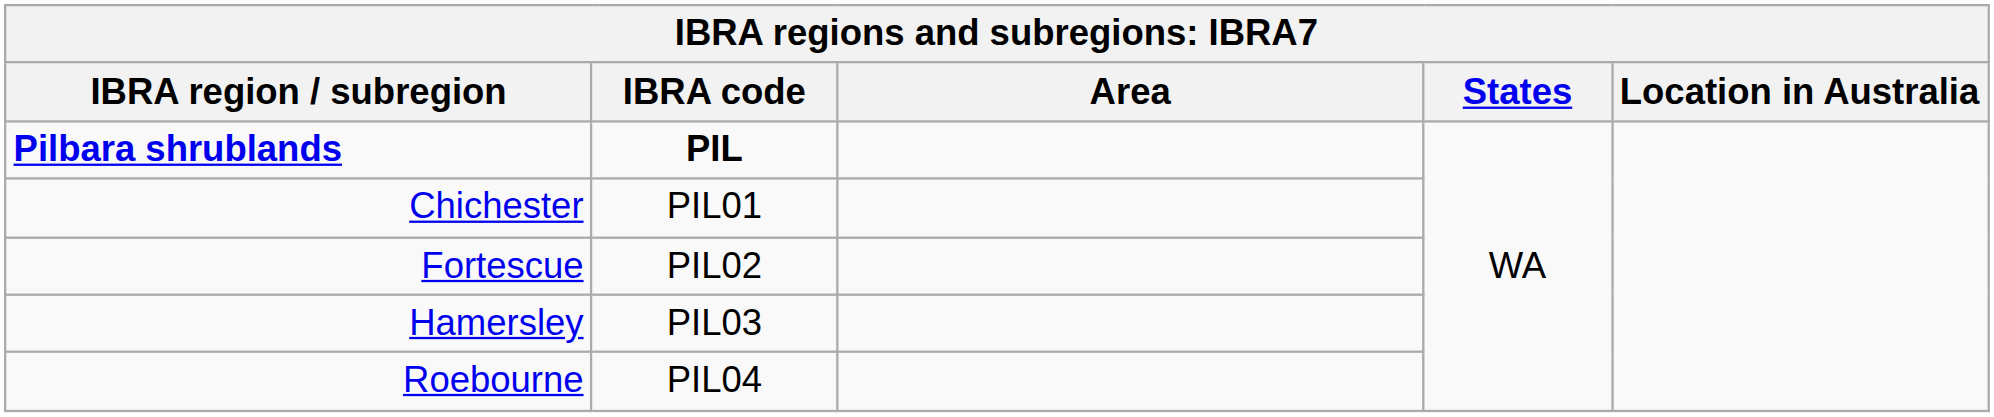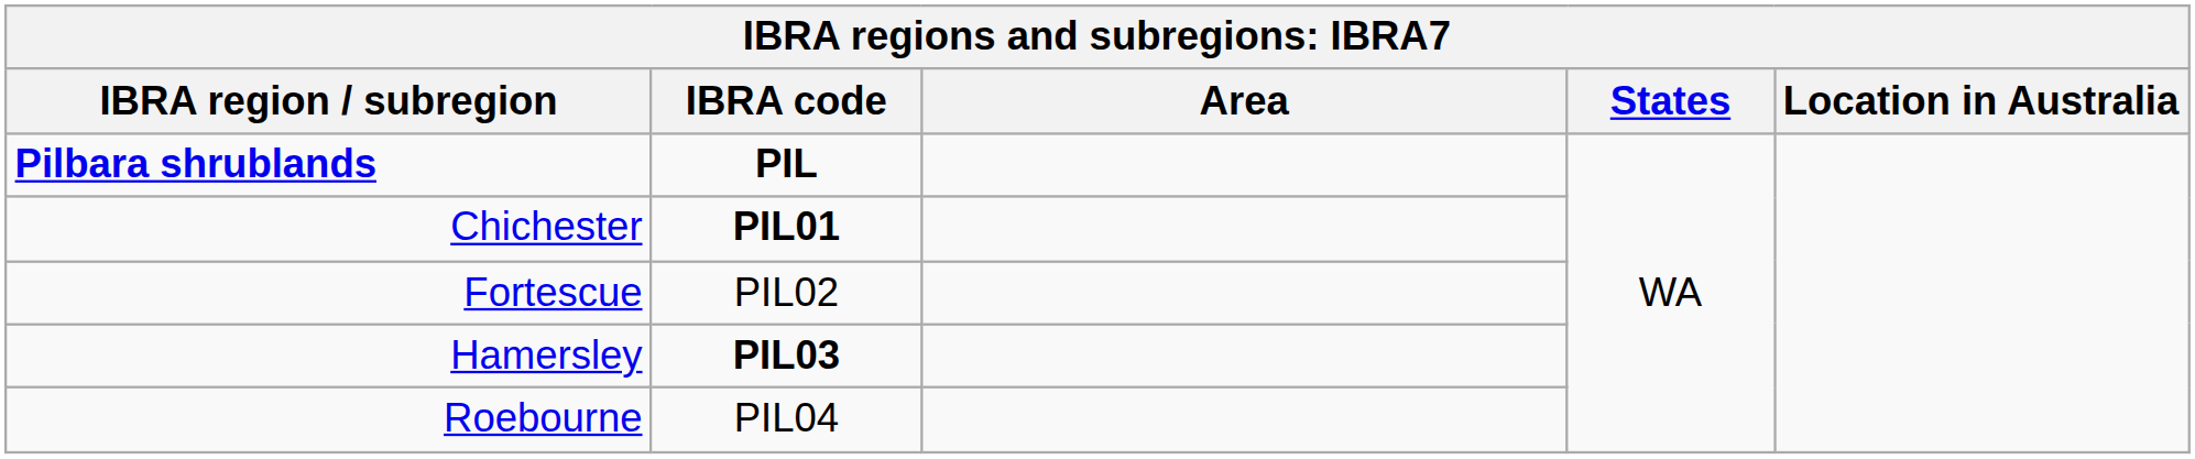 <table class="wikitable sortable">
 <tr>
 <th rowwidth=100px colspan=5>IBRA regions and subregions: IBRA7</th>
 </tr>
 <tr>
 <th scope="col" width="250px">IBRA region / subregion</th>
 <th scope="col" width="100px">IBRA code</th>
 <th scope="col" width="250px">Area</th>
 <th scope="col" width="75px"><a href='#'>States</a></th>
 <th>Location in Australia</th>
 </tr>
 <tr>
 <td><strong><a href='#'>Pilbara shrublands</a></strong></td>
 <td align="center"><strong>PIL</strong></td>
 <td align="right"><strong></strong></td>
 <td align="center" rowspan=5>WA</td>
 <td align="center" rowspan=5 colspan=3></td>
 </tr>
 <tr>
 <td align="right"><a href='#'>Chichester</a></td>
-<td align="center">PIL01</td>
+<td align="center"><strong>PIL01</strong></td>
 <td align="right"></td>
 </tr>
 <tr>
 <td align="right"><a href='#'>Fortescue</a></td>
 <td align="center">PIL02</td>
 <td align="right"></td>
 </tr>
 <tr>
 <td align="right"><a href='#'>Hamersley</a></td>
-<td align="center">PIL03</td>
+<td align="center"><strong>PIL03</strong></td>
 <td align="right"></td>
 </tr>
 <tr>
 <td align="right"><a href='#'>Roebourne</a></td>
 <td align="center">PIL04</td>
 <td align="right"></td>
 </tr>
 </table>
